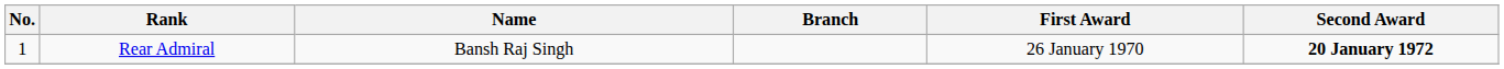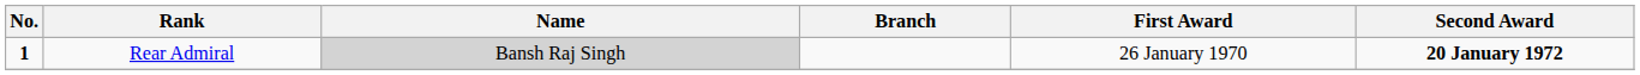 <table class="wikitable sortable" style="text-align:center;font-size:90%">
 <tr style="background:#cccccc">
 <th scope="col" style="width: 10px;">No.</th>
 <th scope="col" style="width: 200px;">Rank</th>
 <th scope="col" style="width: 350px;">Name</th>
 <th scope="col" style="width: 150px;">Branch</th>
 <th scope="col" style="width: 250px;">First Award</th>
 <th scope="col" style="width: 200px;">Second Award</th>
 </tr>
 <tr>
-<td>1</td>
+<td><strong>1</strong></td>
 <td><a href='#'>Rear Admiral</a></td>
-<td>Bansh Raj Singh</td>
+<td style="background: lightgrey;">Bansh Raj Singh</td>
 <td></td>
 <td>26 January 1970</td>
 <td><strong>20 January 1972</strong></td>
 </tr>
 <tr>
 </tr>
 </table>
